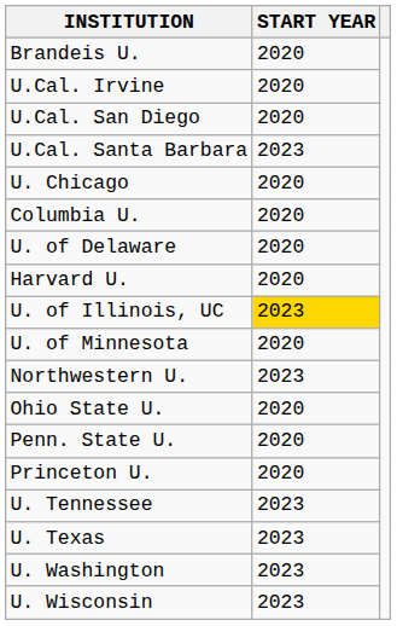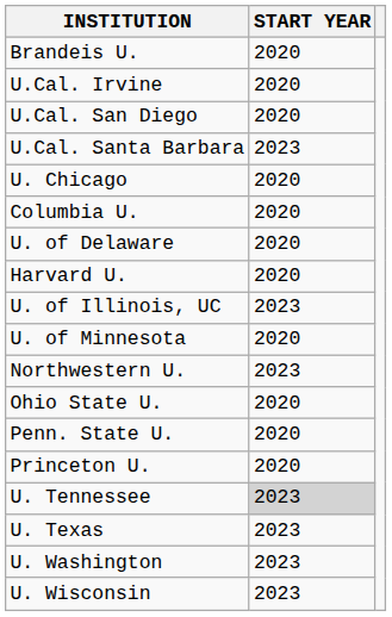 <table class="wikitable">
 <tr>
 <th>INSTITUTION</th>
 <th>START YEAR</th>
 <th></th>
 </tr>
 <tr>
 <td>Brandeis U.</td>
 <td>2020</td>
 </tr>
 <tr>
 <td>U.Cal. Irvine</td>
 <td>2020</td>
 </tr>
 <tr>
 <td>U.Cal. San Diego</td>
 <td>2020</td>
 </tr>
 <tr>
 <td>U.Cal. Santa Barbara</td>
 <td>2023</td>
 </tr>
 <tr>
 <td>U. Chicago</td>
 <td>2020</td>
 </tr>
 <tr>
 <td>Columbia U.</td>
 <td>2020</td>
 </tr>
 <tr>
 <td>U. of Delaware</td>
 <td>2020</td>
 </tr>
 <tr>
 <td>Harvard U.</td>
 <td>2020</td>
 </tr>
 <tr>
 <td>U. of Illinois, UC</td>
-<td style="background: gold;">2023</td>
+<td>2023</td>
 </tr>
 <tr>
 <td>U. of Minnesota</td>
 <td>2020</td>
 </tr>
 <tr>
 <td>Northwestern U.</td>
 <td>2023</td>
 </tr>
 <tr>
 <td>Ohio State U.</td>
 <td>2020</td>
 </tr>
 <tr>
 <td>Penn. State U.</td>
 <td>2020</td>
 </tr>
 <tr>
 <td>Princeton U.</td>
 <td>2020</td>
 </tr>
 <tr>
 <td>U. Tennessee</td>
-<td>2023</td>
+<td style="background: lightgrey;">2023</td>
 </tr>
 <tr>
 <td>U. Texas</td>
 <td>2023</td>
 </tr>
 <tr>
 <td>U. Washington</td>
 <td>2023</td>
 </tr>
 <tr>
 <td>U. Wisconsin</td>
 <td>2023</td>
 </tr>
 </table>
